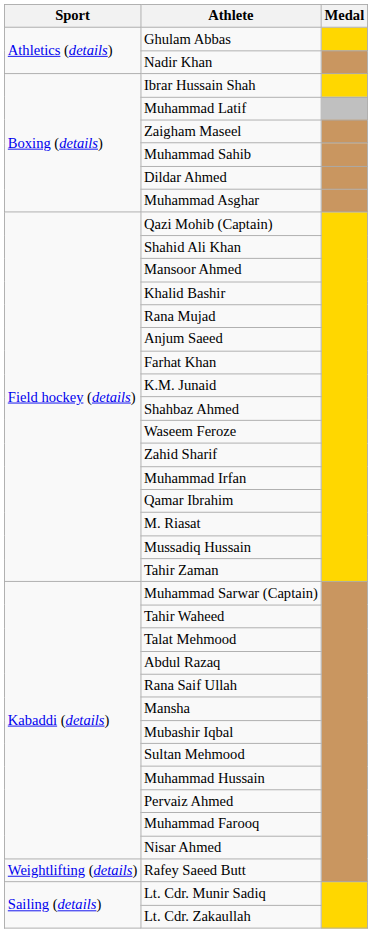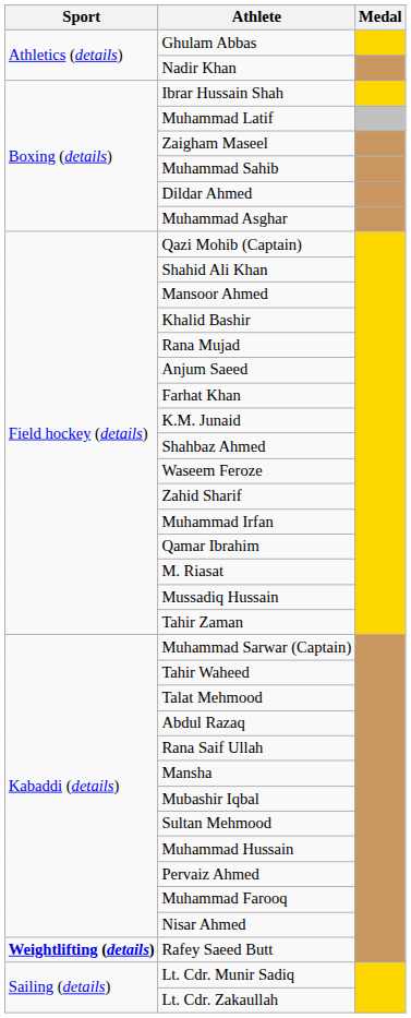 <table class="wikitable">
 <tr>
 <th>Sport</th>
 <th>Athlete</th>
 <th>Medal</th>
 </tr>
 <tr>
 <td rowspan="2"><a href='#'>Athletics</a>  (<em><a href='#'>details</a></em>)</td>
 <td>Ghulam Abbas</td>
 <td bgcolor=gold></td>
 </tr>
 <tr>
 <td>Nadir Khan</td>
 <td bgcolor=c9966></td>
 </tr>
 <tr>
 <td rowspan="6"><a href='#'>Boxing</a>  (<em><a href='#'>details</a></em>)</td>
 <td>Ibrar Hussain Shah</td>
 <td bgcolor=gold></td>
 </tr>
 <tr>
 <td>Muhammad Latif</td>
 <td bgcolor=silver></td>
 </tr>
 <tr>
 <td>Zaigham Maseel</td>
 <td bgcolor=c9966></td>
 </tr>
 <tr>
 <td>Muhammad Sahib</td>
 <td bgcolor=c9966></td>
 </tr>
 <tr>
 <td>Dildar Ahmed</td>
 <td bgcolor=c9966></td>
 </tr>
 <tr>
 <td>Muhammad Asghar</td>
 <td bgcolor=c9966></td>
 </tr>
 <tr>
 <td rowspan="16"><a href='#'>Field hockey</a>  (<em><a href='#'>details</a></em>)</td>
 <td>Qazi Mohib (Captain)</td>
 <td rowspan="16" bgcolor="gold"></td>
 </tr>
 <tr>
 <td>Shahid Ali Khan</td>
 </tr>
 <tr>
 <td>Mansoor Ahmed</td>
 </tr>
 <tr>
 <td>Khalid Bashir</td>
 </tr>
 <tr>
 <td>Rana Mujad</td>
 </tr>
 <tr>
 <td>Anjum Saeed</td>
 </tr>
 <tr>
 <td>Farhat Khan</td>
 </tr>
 <tr>
 <td>K.M. Junaid</td>
 </tr>
 <tr>
 <td>Shahbaz Ahmed</td>
 </tr>
 <tr>
 <td>Waseem Feroze</td>
 </tr>
 <tr>
 <td>Zahid Sharif</td>
 </tr>
 <tr>
 <td>Muhammad Irfan</td>
 </tr>
 <tr>
 <td>Qamar Ibrahim</td>
 </tr>
 <tr>
 <td>M. Riasat</td>
 </tr>
 <tr>
 <td>Mussadiq Hussain</td>
 </tr>
 <tr>
 <td>Tahir Zaman</td>
 </tr>
 <tr>
 <td rowspan="12"><a href='#'>Kabaddi</a>  (<em><a href='#'>details</a></em>)</td>
 <td>Muhammad Sarwar (Captain)</td>
 <td rowspan="13" bgcolor="c9966"></td>
 </tr>
 <tr>
 <td>Tahir Waheed</td>
 </tr>
 <tr>
 <td>Talat Mehmood</td>
 </tr>
 <tr>
 <td>Abdul Razaq</td>
 </tr>
 <tr>
 <td>Rana Saif Ullah</td>
 </tr>
 <tr>
 <td>Mansha</td>
 </tr>
 <tr>
 <td>Mubashir Iqbal</td>
 </tr>
 <tr>
 <td>Sultan Mehmood</td>
 </tr>
 <tr>
 <td>Muhammad Hussain</td>
 </tr>
 <tr>
 <td>Pervaiz Ahmed</td>
 </tr>
 <tr>
 <td>Muhammad Farooq</td>
 </tr>
 <tr>
 <td>Nisar Ahmed</td>
 </tr>
 <tr>
-<td><a href='#'>Weightlifting</a>  (<em><a href='#'>details</a></em>)</td>
+<td><strong><a href='#'>Weightlifting</a>  (<em><a href='#'>details</a></em>)</strong></td>
 <td>Rafey Saeed Butt</td>
 </tr>
 <tr>
 <td rowspan="2"><a href='#'>Sailing</a>  (<em><a href='#'>details</a></em>)</td>
 <td>Lt. Cdr. Munir Sadiq</td>
 <td rowspan="2" bgcolor="gold"></td>
 </tr>
 <tr>
 <td>Lt. Cdr. Zakaullah</td>
 </tr>
 </table>
